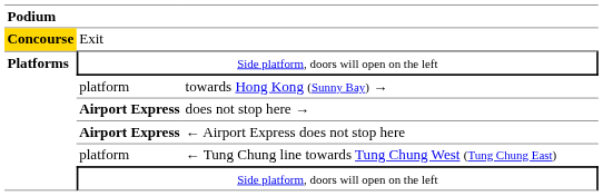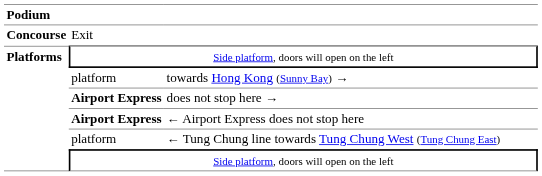 <table border="0" cellspacing="0" cellpadding="3">
 <tr>
 <td colspan="2" style="border-bottom:solid 1px gray;border-top:solid 1px gray;width:75px;vertical-align:top;"><strong>Podium</strong></td>
 <td style="border-top:solid 1px gray;border-bottom:solid 1px gray;width:450px;vertical-align:top;"></td>
 </tr>
 <tr>
-<td valign="top" style="background: gold;"><strong>Concourse</strong></td>
+<td valign="top"><strong>Concourse</strong></td>
 <td colspan="2" style="border-bottom:solid 1px gray;">Exit</td>
 </tr>
 <tr>
 <td rowspan="6" style="border-top:solid 1px gray;border-bottom:solid 1px gray;vertical-align:top;"><strong>Platforms</strong></td>
 <td colspan="2" style="border-top:solid 1px gray;border-right:solid 2px black;border-left:solid 2px black;border-bottom:solid gray2px black;border-bottom:solid 2px black;text-align:center;"><small><a href='#'>Side platform</a>, doors will open on the left</small></td>
 </tr>
 <tr>
 <td style="border-bottom:solid 1px gray;"><span><strong></strong></span> platform</td>
 <td style="border-bottom:solid 1px gray;">  towards <a href='#'>Hong Kong</a> <small>(<a href='#'>Sunny Bay</a>)</small> →</td>
 </tr>
 <tr>
 <td style="border-bottom:solid 1px gray;"><span><strong>Airport Express</strong></span></td>
 <td style="border-bottom:solid 1px gray;">  does not stop here →</td>
 </tr>
 <tr>
 <td style="border-bottom:solid 1px gray;"><span><strong>Airport Express</strong></span></td>
 <td style="border-bottom:solid 1px gray;">←  Airport Express does not stop here</td>
 </tr>
 <tr>
 <td><span><strong></strong></span> platform</td>
 <td>←  Tung Chung line towards <a href='#'>Tung Chung West</a> <small>(<a href='#'>Tung Chung East</a>)</small></td>
 </tr>
 <tr>
 <td colspan="2" style="border-top:solid 2px black;border-right:solid 2px black;border-left:solid 2px black;border-bottom:solid 1px gray;text-align:center;"><small><a href='#'>Side platform</a>, doors will open on the left</small></td>
 </tr>
 </table>
